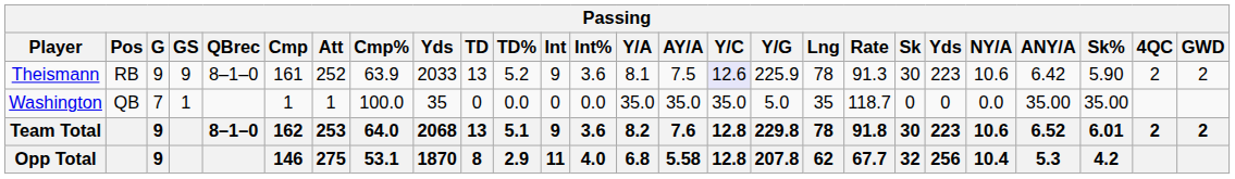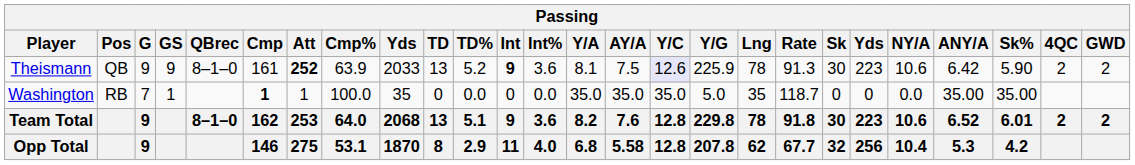 <table class="wikitable" style="text-align:center">
 <tr>
 <th colspan="26">Passing</th>
 </tr>
 <tr>
 <th>Player</th>
 <th>Pos</th>
 <th>G</th>
 <th>GS</th>
 <th>QBrec</th>
 <th>Cmp</th>
 <th>Att</th>
 <th>Cmp%</th>
 <th>Yds</th>
 <th>TD</th>
 <th>TD%</th>
 <th>Int</th>
 <th>Int%</th>
 <th>Y/A</th>
 <th>AY/A</th>
 <th>Y/C</th>
 <th>Y/G</th>
 <th>Lng</th>
 <th>Rate</th>
 <th>Sk</th>
 <th>Yds</th>
 <th>NY/A</th>
 <th>ANY/A</th>
 <th>Sk%</th>
 <th>4QC</th>
 <th>GWD</th>
 </tr>
 <tr>
 <td><a href='#'>Theismann</a></td>
-<td>RB</td>
+<td>QB</td>
 <td>9</td>
 <td>9</td>
 <td>8–1–0</td>
 <td>161</td>
-<td>252</td>
+<td><strong>252</strong></td>
 <td>63.9</td>
 <td>2033</td>
 <td>13</td>
 <td>5.2</td>
-<td>9</td>
+<td><strong>9</strong></td>
 <td>3.6</td>
 <td>8.1</td>
 <td>7.5</td>
 <td style="background: lavender;">12.6</td>
 <td>225.9</td>
 <td>78</td>
 <td>91.3</td>
 <td>30</td>
 <td>223</td>
 <td>10.6</td>
 <td>6.42</td>
 <td>5.90</td>
 <td>2</td>
 <td>2</td>
 </tr>
 <tr>
 <td><a href='#'>Washington</a></td>
-<td>QB</td>
+<td>RB</td>
 <td>7</td>
 <td>1</td>
 <td></td>
-<td>1</td>
+<td><strong>1</strong></td>
 <td>1</td>
 <td>100.0</td>
 <td>35</td>
 <td>0</td>
 <td>0.0</td>
 <td>0</td>
 <td>0.0</td>
 <td>35.0</td>
 <td>35.0</td>
 <td>35.0</td>
 <td>5.0</td>
 <td>35</td>
 <td>118.7</td>
 <td>0</td>
 <td>0</td>
 <td>0.0</td>
 <td>35.00</td>
 <td>35.00</td>
 <td></td>
 <td></td>
 </tr>
 <tr>
 <th>Team Total</th>
 <th></th>
 <th>9</th>
 <th></th>
 <th>8–1–0</th>
 <th>162</th>
 <th>253</th>
 <th>64.0</th>
 <th>2068</th>
 <th>13</th>
 <th>5.1</th>
 <th>9</th>
 <th>3.6</th>
 <th>8.2</th>
 <th>7.6</th>
 <th>12.8</th>
 <th>229.8</th>
 <th>78</th>
 <th>91.8</th>
 <th>30</th>
 <th>223</th>
 <th>10.6</th>
 <th>6.52</th>
 <th>6.01</th>
 <th>2</th>
 <th>2</th>
 </tr>
 <tr>
 <th>Opp Total</th>
 <th></th>
 <th>9</th>
 <th></th>
 <th></th>
 <th>146</th>
 <th>275</th>
 <th>53.1</th>
 <th>1870</th>
 <th>8</th>
 <th>2.9</th>
 <th>11</th>
 <th>4.0</th>
 <th>6.8</th>
 <th>5.58</th>
 <th>12.8</th>
 <th>207.8</th>
 <th>62</th>
 <th>67.7</th>
 <th>32</th>
 <th>256</th>
 <th>10.4</th>
 <th>5.3</th>
 <th>4.2</th>
 <th></th>
 <th></th>
 </tr>
 </table>
